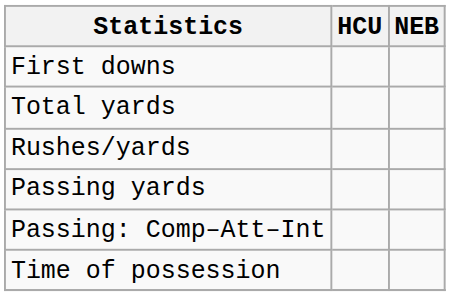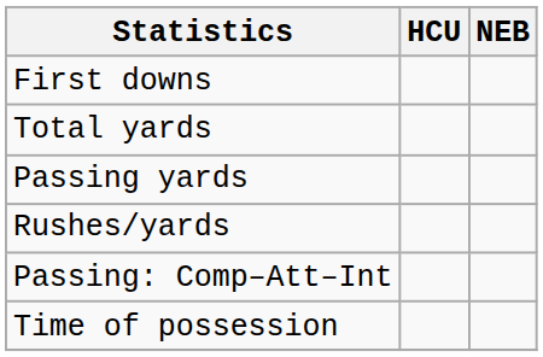 <table class="wikitable" style="float: left;">
 <tr>
 <th>Statistics</th>
 <th>HCU</th>
 <th>NEB</th>
 </tr>
 <tr>
 <td>First downs</td>
 <td></td>
 <td></td>
 </tr>
 <tr>
 <td>Total yards</td>
 <td></td>
 <td></td>
 </tr>
 <tr>
-<td>Rushes/yards</td>
+<td>Passing yards</td>
 <td></td>
 <td></td>
 </tr>
 <tr>
-<td>Passing yards</td>
+<td>Rushes/yards</td>
 <td></td>
 <td></td>
 </tr>
 <tr>
 <td>Passing: Comp–Att–Int</td>
 <td></td>
 <td></td>
 </tr>
 <tr>
 <td>Time of possession</td>
 <td></td>
 <td></td>
 </tr>
 <tr>
 </tr>
 </table>
